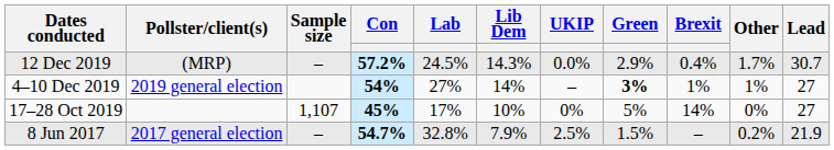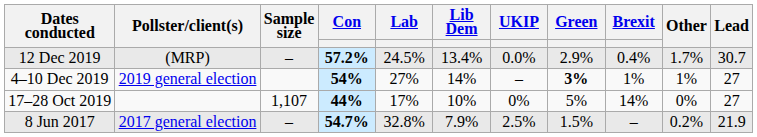 <table class="wikitable sortable mw-datatable" style="text-align:center;line-height:14px;">
 <tr>
 <th rowspan="2">Dates<br>conducted</th>
 <th rowspan="2">Pollster/client(s)</th>
 <th data-sort-type="number" rowspan="2">Sample<br>size</th>
 <th class="unsortable" style="width:50px;"><a href='#'>Con</a></th>
 <th class="unsortable" style="width:50px;"><a href='#'>Lab</a></th>
 <th class="unsortable" style="width:50px;"><a href='#'>Lib Dem</a></th>
 <th class="unsortable" style="width:50px;"><a href='#'>UKIP</a></th>
 <th class="unsortable" style="width:50px;"><a href='#'>Green</a></th>
 <th class="unsortable" style="width:50px;"><a href='#'>Brexit</a></th>
 <th class="unsortable" rowspan="2">Other</th>
 <th data-sort-type="number" rowspan="2">Lead</th>
 </tr>
 <tr>
 <th data-sort-type="number" style="background:"></th>
 <th data-sort-type="number" style="background:"></th>
 <th data-sort-type="number" style="background:"></th>
 <th data-sort-type="number" style="background:"></th>
 <th data-sort-type="number" style="background:"></th>
 <th data-sort-type="number" style="background:"></th>
 </tr>
 <tr style="background:#E9E9E9;">
 <td data-sort-value="2017-06-08">12 Dec 2019</td>
 <td> (MRP)</td>
 <td>–</td>
 <td style="background:#CCEBFF;"><strong>57.2%</strong></td>
 <td>24.5%</td>
-<td>14.3%</td>
+<td>13.4%</td>
 <td>0.0%</td>
 <td>2.9%</td>
 <td>0.4%</td>
 <td>1.7%</td>
 <td style="background:">30.7</td>
 </tr>
 <tr>
 <td data-sort-value="2019-12-10">4–10 Dec 2019</td>
 <td><a href='#'>2019 general election</a></td>
 <td></td>
 <td style="background:#CCEBFF;"><strong>54%</strong></td>
 <td>27%</td>
 <td>14%</td>
 <td>–</td>
 <td><strong>3%</strong></td>
 <td>1%</td>
 <td>1%</td>
 <td style="background:">27</td>
 </tr>
 <tr>
 <td data-sort-value="2019-10-28">17–28 Oct 2019</td>
 <td></td>
 <td>1,107</td>
-<td style="background:#CCEBFF;"><strong>45%</strong></td>
+<td style="background:#CCEBFF;"><strong>44%</strong></td>
 <td>17%</td>
 <td>10%</td>
 <td>0%</td>
 <td>5%</td>
 <td>14%</td>
 <td>0%</td>
 <td style="background:">27</td>
 </tr>
 <tr style="background:#E9E9E9;">
 <td data-sort-value="2017-06-08">8 Jun 2017</td>
 <td><a href='#'>2017 general election</a></td>
 <td>–</td>
 <td style="background:#CCEBFF;"><strong>54.7%</strong></td>
 <td>32.8%</td>
 <td>7.9%</td>
 <td>2.5%</td>
 <td>1.5%</td>
 <td>–</td>
 <td>0.2%</td>
 <td style="background:">21.9</td>
 </tr>
 </table>
